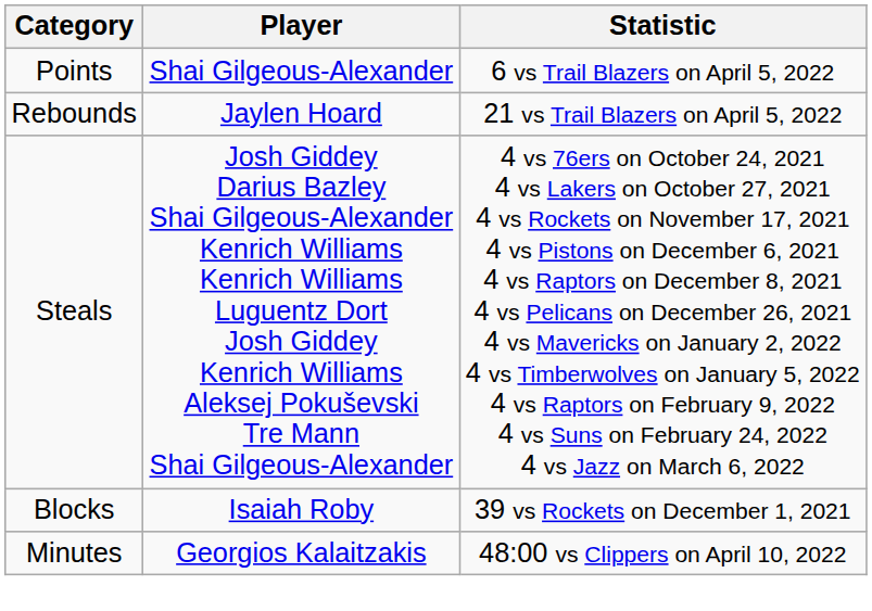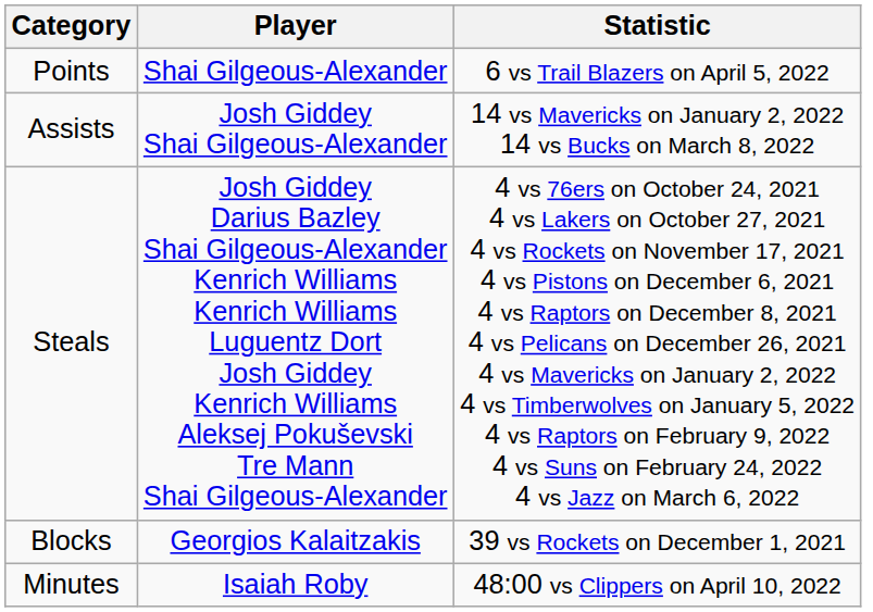 <table class="wikitable sortable sortable" style="text-align: center">
 <tr>
 <th>Category</th>
 <th>Player</th>
 <th>Statistic</th>
 </tr>
 <tr style="text-align: center">
 <td>Points</td>
 <td><a href='#'>Shai Gilgeous-Alexander</a></td>
 <td>6 <small>vs <a href='#'>Trail Blazers</a> on April 5, 2022</small></td>
 </tr>
 <tr style="text-align: center">
-<td>Rebounds</td>
-<td><a href='#'>Jaylen Hoard</a></td>
-<td>21 <small>vs <a href='#'>Trail Blazers</a> on April 5, 2022</small></td>
+<td>Assists</td>
+<td><a href='#'>Josh Giddey</a><br><a href='#'>Shai Gilgeous-Alexander</a></td>
+<td>14 <small>vs <a href='#'>Mavericks</a> on January 2, 2022</small><br>14 <small>vs <a href='#'>Bucks</a> on March 8, 2022</small></td>
 </tr>
 <tr style="text-align: center">
 <td>Steals</td>
 <td><a href='#'>Josh Giddey</a><br><a href='#'>Darius Bazley</a><br><a href='#'>Shai Gilgeous-Alexander</a><br><a href='#'>Kenrich Williams</a><br><a href='#'>Kenrich Williams</a><br><a href='#'>Luguentz Dort</a><br><a href='#'>Josh Giddey</a><br><a href='#'>Kenrich Williams</a><br><a href='#'>Aleksej Pokuševski</a><br><a href='#'>Tre Mann</a><br><a href='#'>Shai Gilgeous-Alexander</a></td>
 <td>4 <small>vs <a href='#'>76ers</a> on October 24, 2021</small><br>4 <small>vs <a href='#'>Lakers</a> on October 27, 2021</small><br>4 <small>vs <a href='#'>Rockets</a> on November 17, 2021</small><br>4 <small>vs <a href='#'>Pistons</a> on December 6, 2021</small><br>4 <small>vs <a href='#'>Raptors</a> on December 8, 2021</small><br>4 <small>vs <a href='#'>Pelicans</a> on December 26, 2021</small><br>4 <small>vs <a href='#'>Mavericks</a> on January 2, 2022</small><br>4 <small>vs <a href='#'>Timberwolves</a> on January 5, 2022</small><br>4 <small>vs <a href='#'>Raptors</a> on February 9, 2022</small><br>4 <small>vs <a href='#'>Suns</a> on February 24, 2022</small><br>4 <small>vs <a href='#'>Jazz</a> on March 6, 2022</small><br></td>
 </tr>
 <tr style="text-align: center">
 <td>Blocks</td>
-<td><a href='#'>Isaiah Roby</a></td>
+<td><a href='#'>Georgios Kalaitzakis</a></td>
 <td>39 <small>vs <a href='#'>Rockets</a> on December 1, 2021</small></td>
 </tr>
 <tr style="text-align: center">
 <td>Minutes</td>
-<td><a href='#'>Georgios Kalaitzakis</a></td>
+<td><a href='#'>Isaiah Roby</a></td>
 <td>48:00 <small>vs <a href='#'>Clippers</a> on April 10, 2022</small></td>
 </tr>
 </table>
